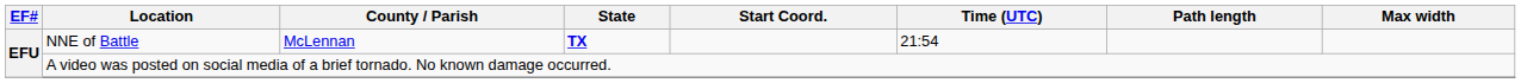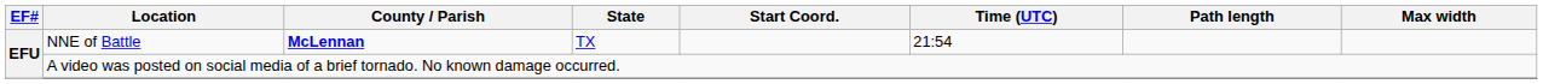 <table class="wikitable sortable" style="width:100%;">
 <tr>
 <th scope="col" width="2%" align="center"><a href='#'>EF#</a></th>
 <th scope="col" align="center" class="unsortable">Location</th>
 <th scope="col" align="center" class="unsortable">County / Parish</th>
 <th scope="col" align="center">State</th>
 <th scope="col" align="center">Start Coord.</th>
 <th scope="col" align="center">Time (<a href='#'>UTC</a>)</th>
 <th scope="col" align="center">Path length</th>
 <th scope="col" align="center">Max width</th>
 </tr>
 <tr>
 <th scope="row" rowspan="2" style="background-color:#">EFU</th>
 <td>NNE of <a href='#'>Battle</a></td>
-<td><a href='#'>McLennan</a></td>
-<td><strong><a href='#'>TX</a></strong></td>
+<td><strong><a href='#'>McLennan</a></strong></td>
+<td><a href='#'>TX</a></td>
 <td></td>
 <td>21:54</td>
 <td></td>
 <td></td>
 </tr>
 <tr class="expand-child">
 <td colspan="8" style=" border-bottom: 1px solid black;">A video was posted on social media of a brief tornado. No known damage occurred.</td>
 </tr>
 <tr>
 </tr>
 </table>
